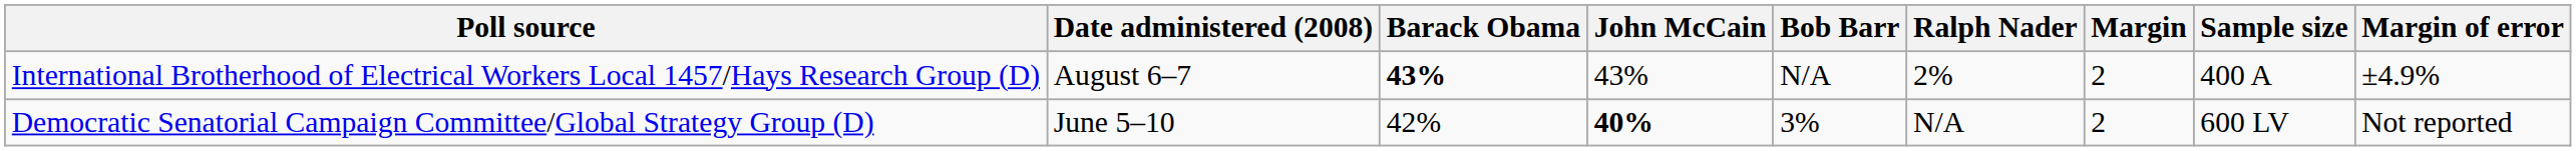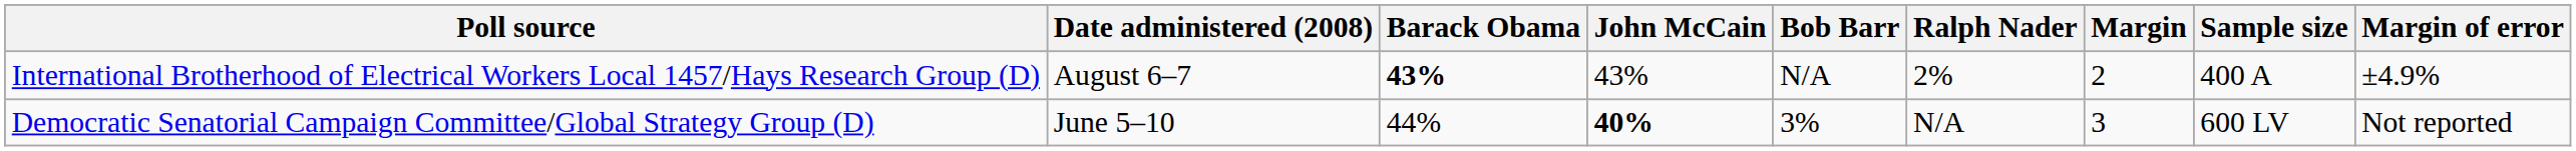 <table class="wikitable collapsible">
 <tr>
 <th>Poll source</th>
 <th>Date administered (2008)</th>
 <th>Barack Obama</th>
 <th>John McCain</th>
 <th>Bob Barr</th>
 <th>Ralph Nader</th>
 <th>Margin</th>
 <th>Sample size</th>
 <th>Margin of error</th>
 </tr>
 <tr>
 <td><a href='#'>International Brotherhood of Electrical Workers Local 1457</a>/<a href='#'>Hays Research Group (D)</a></td>
 <td>August 6–7</td>
 <td><strong>43%</strong></td>
 <td>43%</td>
 <td>N/A</td>
 <td>2%</td>
 <td>2</td>
 <td>400 A</td>
 <td>±4.9%</td>
 </tr>
 <tr>
 <td><a href='#'>Democratic Senatorial Campaign Committee</a>/<a href='#'>Global Strategy Group (D)</a></td>
 <td>June 5–10</td>
-<td>42%</td>
+<td>44%</td>
 <td><strong>40%</strong></td>
 <td>3%</td>
 <td>N/A</td>
-<td>2</td>
+<td>3</td>
 <td>600 LV</td>
 <td>Not reported</td>
 </tr>
 </table>
